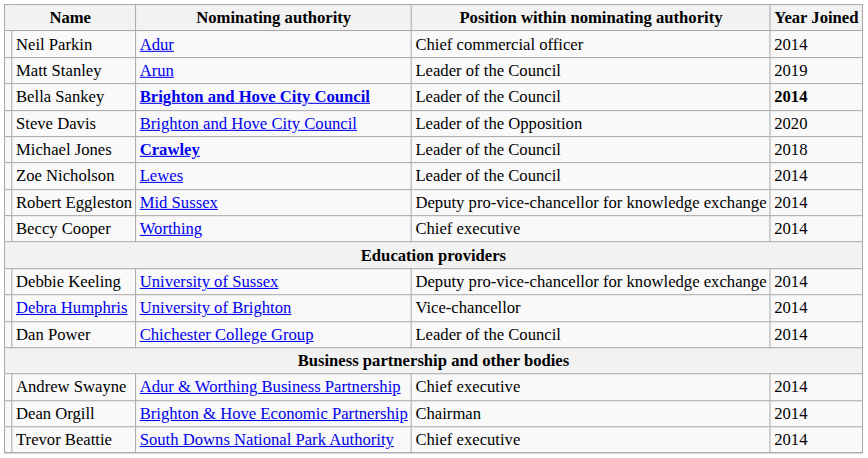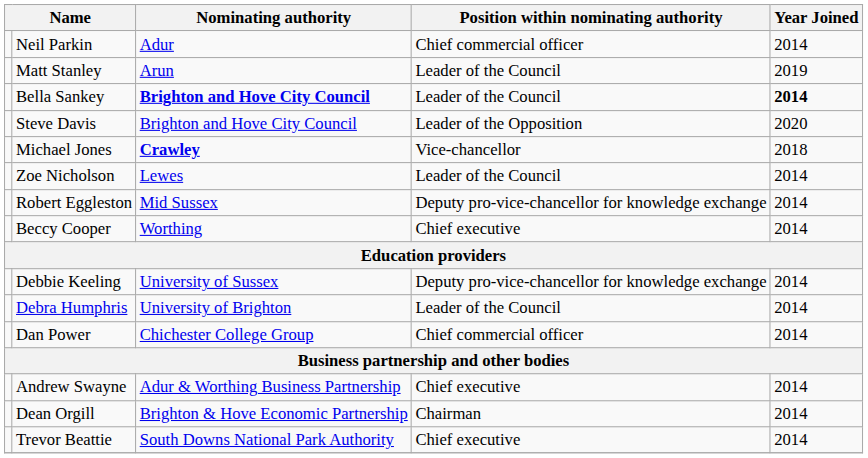 <table class="wikitable sortable">
 <tr>
 <th colspan=2>Name</th>
 <th>Nominating authority</th>
 <th>Position within nominating authority</th>
 <th>Year Joined</th>
 </tr>
 <tr>
 <td style="background:"></td>
 <td>Neil Parkin</td>
 <td><a href='#'>Adur</a></td>
 <td>Chief commercial officer</td>
 <td>2014</td>
 </tr>
 <tr>
 <td style="background:"></td>
 <td>Matt Stanley</td>
 <td><a href='#'>Arun</a></td>
 <td>Leader of the Council</td>
 <td>2019</td>
 </tr>
 <tr>
 <td style="background:"></td>
 <td>Bella Sankey</td>
 <td><strong><a href='#'>Brighton and Hove City Council</a></strong></td>
 <td>Leader of the Council</td>
 <td><strong>2014</strong></td>
 </tr>
 <tr>
 <td style="background:"></td>
 <td>Steve Davis</td>
 <td><a href='#'>Brighton and Hove City Council</a></td>
 <td>Leader of the Opposition</td>
 <td>2020</td>
 </tr>
 <tr>
 <td style="background:"></td>
 <td>Michael Jones</td>
 <td><strong><a href='#'>Crawley</a></strong></td>
-<td>Leader of the Council</td>
+<td>Vice-chancellor</td>
 <td>2018</td>
 </tr>
 <tr>
 <td style="background:"></td>
 <td>Zoe Nicholson</td>
 <td><a href='#'>Lewes</a></td>
 <td>Leader of the Council</td>
 <td>2014</td>
 </tr>
 <tr>
 <td style="background:"></td>
 <td>Robert Eggleston</td>
 <td><a href='#'>Mid Sussex</a></td>
 <td>Deputy pro-vice-chancellor for knowledge exchange</td>
 <td>2014</td>
 </tr>
 <tr>
 <td style="background:"></td>
 <td>Beccy Cooper</td>
 <td><a href='#'>Worthing</a></td>
 <td>Chief executive</td>
 <td>2014</td>
 </tr>
 <tr>
 <th colspan=5>Education providers</th>
 </tr>
 <tr>
 <td style="background:"></td>
 <td>Debbie Keeling</td>
 <td><a href='#'>University of Sussex</a></td>
 <td>Deputy pro-vice-chancellor for knowledge exchange</td>
 <td>2014</td>
 </tr>
 <tr>
 <td style="background:"></td>
 <td><a href='#'>Debra Humphris</a></td>
 <td><a href='#'>University of Brighton</a></td>
-<td>Vice-chancellor</td>
+<td>Leader of the Council</td>
 <td>2014</td>
 </tr>
 <tr>
 <td style="background:"></td>
 <td>Dan Power</td>
 <td><a href='#'>Chichester College Group</a></td>
-<td>Leader of the Council</td>
+<td>Chief commercial officer</td>
 <td>2014</td>
 </tr>
 <tr>
 <th colspan=5>Business partnership and other bodies</th>
 </tr>
 <tr>
 <td style="background:"></td>
 <td>Andrew Swayne</td>
 <td><a href='#'>Adur & Worthing Business Partnership</a></td>
 <td>Chief executive</td>
 <td>2014</td>
 </tr>
 <tr>
 <td style="background:"></td>
 <td>Dean Orgill</td>
 <td><a href='#'>Brighton & Hove Economic Partnership</a></td>
 <td>Chairman</td>
 <td>2014</td>
 </tr>
 <tr>
 <td style="background:"></td>
 <td>Trevor Beattie</td>
 <td><a href='#'>South Downs National Park Authority</a></td>
 <td>Chief executive</td>
 <td>2014</td>
 </tr>
 <tr>
 </tr>
 </table>
